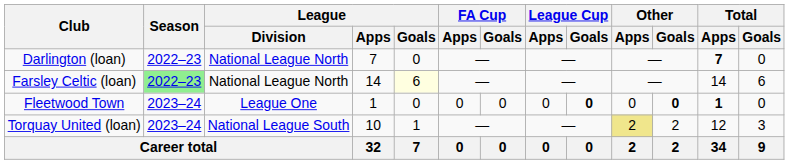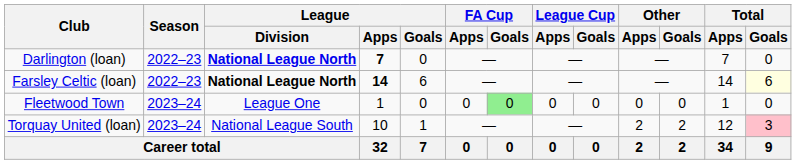 <table class=wikitable style="text-align: center;">
 <tr>
 <th rowspan=2>Club</th>
 <th rowspan=2>Season</th>
 <th colspan=3>League</th>
 <th colspan=2><a href='#'>FA Cup</a></th>
 <th colspan=2><a href='#'>League Cup</a></th>
 <th colspan=2>Other</th>
 <th colspan=2>Total</th>
 </tr>
 <tr>
 <th>Division</th>
 <th>Apps</th>
 <th>Goals</th>
 <th>Apps</th>
 <th>Goals</th>
 <th>Apps</th>
 <th>Goals</th>
 <th>Apps</th>
 <th>Goals</th>
 <th>Apps</th>
 <th>Goals</th>
 </tr>
 <tr>
 <td><a href='#'>Darlington</a> (loan)</td>
 <td><a href='#'>2022–23</a></td>
-<td><a href='#'>National League North</a></td>
-<td>7</td>
+<td><strong><a href='#'>National League North</a></strong></td>
+<td><strong>7</strong></td>
 <td>0</td>
 <td colspan=2>—</td>
 <td colspan=2>—</td>
 <td colspan=2>—</td>
-<td><strong>7</strong></td>
+<td>7</td>
 <td>0</td>
 </tr>
 <tr>
 <td><a href='#'>Farsley Celtic</a> (loan)</td>
-<td style="background: lightgreen;"><a href='#'>2022–23</a></td>
-<td>National League North</td>
-<td>14</td>
-<td style="background: lightyellow;">6</td>
+<td><a href='#'>2022–23</a></td>
+<td><strong>National League North</strong></td>
+<td><strong>14</strong></td>
+<td>6</td>
 <td colspan=2>—</td>
 <td colspan=2>—</td>
 <td colspan=2>—</td>
 <td>14</td>
-<td>6</td>
+<td style="background: lightyellow;">6</td>
 </tr>
 <tr>
 <td><a href='#'>Fleetwood Town</a></td>
 <td><a href='#'>2023–24</a></td>
 <td><a href='#'>League One</a></td>
 <td>1</td>
 <td>0</td>
 <td>0</td>
+<td style="background: lightgreen;">0</td>
 <td>0</td>
 <td>0</td>
-<td><strong>0</strong></td>
 <td>0</td>
-<td><strong>0</strong></td>
-<td><strong>1</strong></td>
+<td>0</td>
+<td>1</td>
 <td>0</td>
 </tr>
 <tr>
 <td><a href='#'>Torquay United</a> (loan)</td>
 <td><a href='#'>2023–24</a></td>
 <td><a href='#'>National League South</a></td>
 <td>10</td>
 <td>1</td>
 <td colspan=2>—</td>
 <td colspan=2>—</td>
-<td style="background: khaki;">2</td>
+<td>2</td>
 <td>2</td>
 <td>12</td>
-<td>3</td>
+<td style="background: pink;">3</td>
 </tr>
 <tr>
 <th colspan=3>Career total</th>
 <th>32</th>
 <th>7</th>
 <th>0</th>
 <th>0</th>
 <th>0</th>
 <th>0</th>
 <th>2</th>
 <th>2</th>
 <th>34</th>
 <th>9</th>
 </tr>
 </table>
